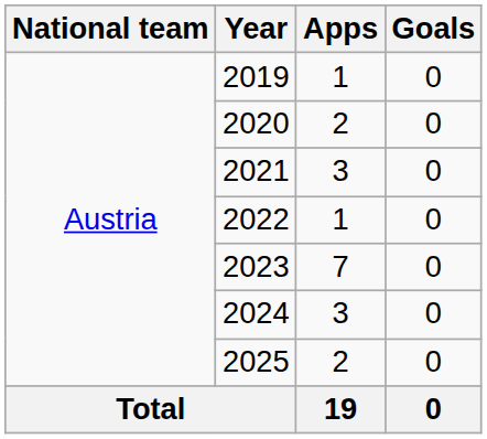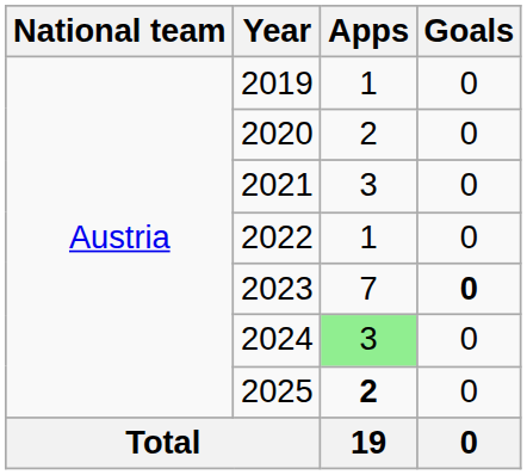 <table class="wikitable" style="text-align:center">
 <tr>
 <th>National team</th>
 <th>Year</th>
 <th>Apps</th>
 <th>Goals</th>
 </tr>
 <tr>
 <td rowspan=7><a href='#'>Austria</a></td>
 <td>2019</td>
 <td>1</td>
 <td>0</td>
 </tr>
 <tr>
 <td>2020</td>
 <td>2</td>
 <td>0</td>
 </tr>
 <tr>
 <td>2021</td>
 <td>3</td>
 <td>0</td>
 </tr>
 <tr>
 <td>2022</td>
 <td>1</td>
 <td>0</td>
 </tr>
 <tr>
 <td>2023</td>
 <td>7</td>
-<td>0</td>
+<td><strong>0</strong></td>
 </tr>
 <tr>
 <td>2024</td>
-<td>3</td>
+<td style="background: lightgreen;">3</td>
 <td>0</td>
 </tr>
 <tr>
 <td>2025</td>
-<td>2</td>
+<td><strong>2</strong></td>
 <td>0</td>
 </tr>
 <tr>
 <th colspan="2">Total</th>
 <th>19</th>
 <th>0</th>
 </tr>
 </table>
